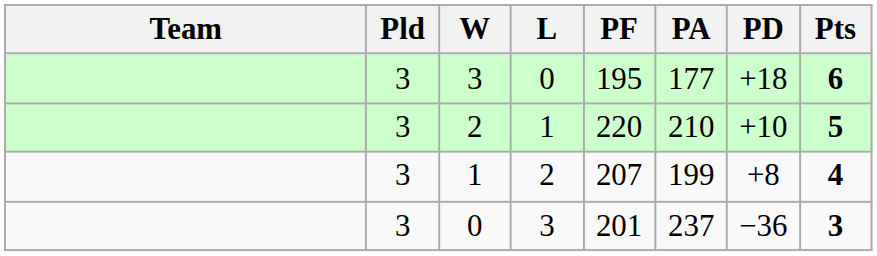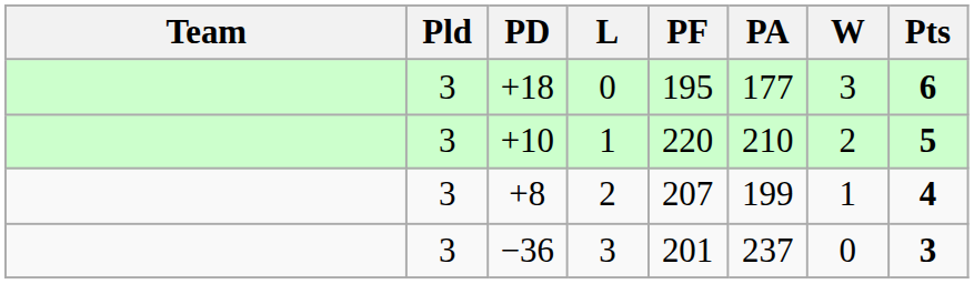 <table class=wikitable style="text-align:center">
 <tr>
 <th width=180>Team</th>
 <th width=30>Pld</th>
-<th width=30>W</th>
+<th width=30>PD</th>
 <th width=30>L</th>
 <th width=30>PF</th>
 <th width=30>PA</th>
-<th width=30>PD</th>
+<th width=30>W</th>
 <th width=30>Pts</th>
 </tr>
 <tr bgcolor="#ccffcc">
 <td align="left"></td>
 <td>3</td>
-<td>3</td>
+<td>+18</td>
 <td>0</td>
 <td>195</td>
 <td>177</td>
-<td>+18</td>
+<td>3</td>
 <td><strong>6</strong></td>
 </tr>
 <tr bgcolor="#ccffcc">
 <td align="left"></td>
 <td>3</td>
-<td>2</td>
+<td>+10</td>
 <td>1</td>
 <td>220</td>
 <td>210</td>
-<td>+10</td>
+<td>2</td>
 <td><strong>5</strong></td>
 </tr>
 <tr>
 <td align="left"></td>
 <td>3</td>
-<td>1</td>
+<td>+8</td>
 <td>2</td>
 <td>207</td>
 <td>199</td>
-<td>+8</td>
+<td>1</td>
 <td><strong>4</strong></td>
 </tr>
 <tr>
 <td align="left"></td>
 <td>3</td>
-<td>0</td>
+<td>−36</td>
 <td>3</td>
 <td>201</td>
 <td>237</td>
-<td>−36</td>
+<td>0</td>
 <td><strong>3</strong></td>
 </tr>
 </table>
